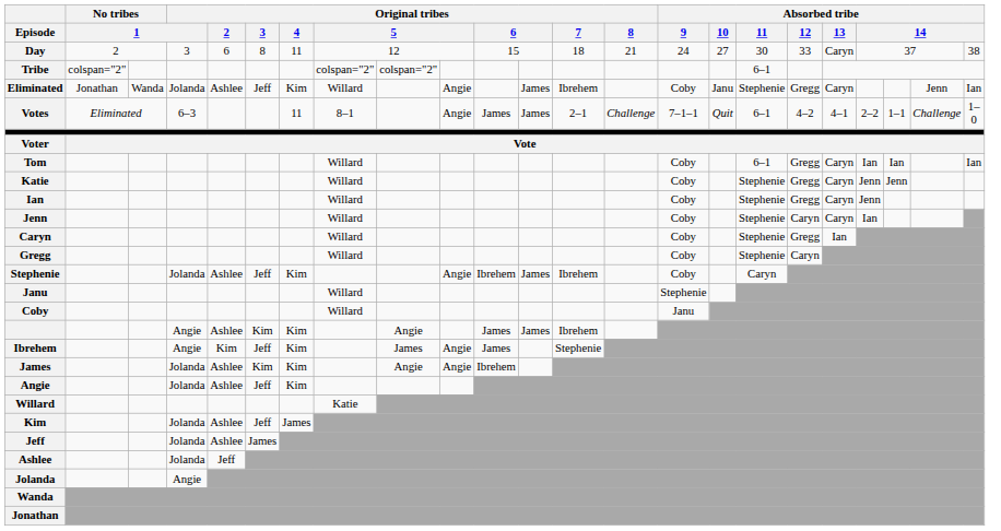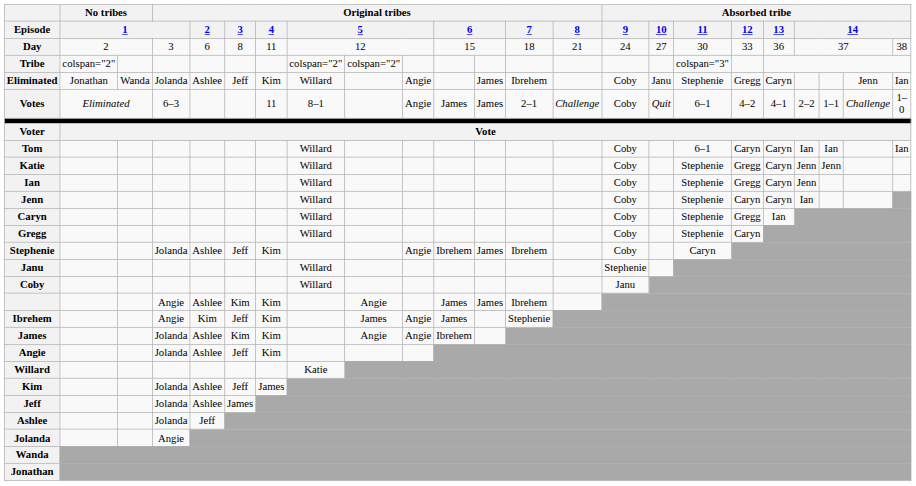 <table class="wikitable" style="text-align:center">
 <tr>
 <th></th>
 <th colspan="2">No tribes</th>
 <th colspan="11">Original tribes</th>
 <th colspan="9">Absorbed tribe</th>
 </tr>
 <tr>
 <th>Episode</th>
 <th colspan="3"><a href='#'>1</a></th>
 <th><a href='#'>2</a></th>
 <th><a href='#'>3</a></th>
 <th><a href='#'>4</a></th>
 <th colspan="3"><a href='#'>5</a></th>
 <th colspan="2"><a href='#'>6</a></th>
 <th><a href='#'>7</a></th>
 <th><a href='#'>8</a></th>
 <th><a href='#'>9</a></th>
 <th><a href='#'>10</a></th>
 <th><a href='#'>11</a></th>
 <th><a href='#'>12</a></th>
 <th><a href='#'>13</a></th>
 <th colspan="4"><a href='#'>14</a></th>
 </tr>
 <tr>
 <th>Day</th>
 <td colspan="2">2</td>
 <td>3</td>
 <td>6</td>
 <td>8</td>
 <td>11</td>
 <td colspan="3">12</td>
 <td colspan="2">15</td>
 <td>18</td>
 <td>21</td>
 <td>24</td>
 <td>27</td>
 <td>30</td>
 <td>33</td>
-<td>Caryn</td>
+<td>36</td>
 <td colspan="3">37</td>
 <td>38</td>
 </tr>
 <tr>
 <th>Tribe</th>
 <td>colspan="2" </td>
 <td></td>
 <td></td>
 <td></td>
 <td></td>
 <td></td>
 <td>colspan="2" </td>
 <td>colspan="2" </td>
 <td></td>
 <td></td>
 <td></td>
 <td></td>
 <td></td>
 <td></td>
 <td></td>
-<td>6–1</td>
+<td>colspan="3" </td>
 <td></td>
 </tr>
 <tr>
 <th>Eliminated</th>
 <td>Jonathan</td>
 <td>Wanda</td>
 <td>Jolanda</td>
 <td>Ashlee</td>
 <td>Jeff</td>
 <td>Kim</td>
 <td>Willard</td>
 <td></td>
 <td>Angie</td>
 <td></td>
 <td>James</td>
 <td>Ibrehem</td>
 <td></td>
 <td>Coby</td>
 <td>Janu</td>
 <td>Stephenie</td>
 <td>Gregg</td>
 <td>Caryn</td>
 <td></td>
 <td></td>
 <td>Jenn</td>
 <td>Ian</td>
 </tr>
 <tr>
 <th>Votes</th>
 <td colspan="2"><em>Eliminated</em></td>
 <td>6–3</td>
 <td></td>
 <td></td>
 <td>11</td>
 <td>8–1</td>
 <td></td>
 <td>Angie</td>
 <td>James</td>
 <td>James</td>
 <td>2–1</td>
 <td><em>Challenge</em></td>
-<td>7–1–1</td>
+<td>Coby</td>
 <td><em>Quit</em></td>
 <td>6–1</td>
 <td>4–2</td>
 <td>4–1</td>
 <td>2–2</td>
 <td>1–1</td>
 <td><em>Challenge</em></td>
 <td>1–0</td>
 </tr>
 <tr>
 <td colspan="25" bgcolor="black"></td>
 </tr>
 <tr>
 <th>Voter</th>
 <th colspan="23">Vote</th>
 </tr>
 <tr>
 <th>Tom</th>
 <td></td>
 <td></td>
 <td></td>
 <td></td>
 <td></td>
 <td></td>
 <td>Willard</td>
 <td></td>
 <td></td>
 <td></td>
 <td></td>
 <td></td>
 <td></td>
 <td>Coby</td>
 <td></td>
 <td>6–1</td>
-<td>Gregg</td>
+<td>Caryn</td>
 <td>Caryn</td>
 <td>Ian</td>
 <td>Ian</td>
 <td></td>
 <td>Ian</td>
 </tr>
 <tr>
 <th>Katie</th>
 <td></td>
 <td></td>
 <td></td>
 <td></td>
 <td></td>
 <td></td>
 <td>Willard</td>
 <td></td>
 <td></td>
 <td></td>
 <td></td>
 <td></td>
 <td></td>
 <td>Coby</td>
 <td></td>
 <td>Stephenie</td>
 <td>Gregg</td>
 <td>Caryn</td>
 <td>Jenn</td>
 <td>Jenn</td>
 <td></td>
 <td></td>
 </tr>
 <tr>
 <th>Ian</th>
 <td></td>
 <td></td>
 <td></td>
 <td></td>
 <td></td>
 <td></td>
 <td>Willard</td>
 <td></td>
 <td></td>
 <td></td>
 <td></td>
 <td></td>
 <td></td>
 <td>Coby</td>
 <td></td>
 <td>Stephenie</td>
 <td>Gregg</td>
 <td>Caryn</td>
 <td>Jenn</td>
 <td></td>
 <td></td>
 <td></td>
 </tr>
 <tr>
 <th>Jenn</th>
 <td></td>
 <td></td>
 <td></td>
 <td></td>
 <td></td>
 <td></td>
 <td>Willard</td>
 <td></td>
 <td></td>
 <td></td>
 <td></td>
 <td></td>
 <td></td>
 <td>Coby</td>
 <td></td>
 <td>Stephenie</td>
 <td>Caryn</td>
 <td>Caryn</td>
 <td>Ian</td>
 <td></td>
 <td></td>
 <td style="background:darkgrey;"></td>
 </tr>
 <tr>
 <th>Caryn</th>
 <td></td>
 <td></td>
 <td></td>
 <td></td>
 <td></td>
 <td></td>
 <td>Willard</td>
 <td></td>
 <td></td>
 <td></td>
 <td></td>
 <td></td>
 <td></td>
 <td>Coby</td>
 <td></td>
 <td>Stephenie</td>
 <td>Gregg</td>
 <td>Ian</td>
 <td colspan="4" style="background:darkgrey;"></td>
 </tr>
 <tr>
 <th>Gregg</th>
 <td></td>
 <td></td>
 <td></td>
 <td></td>
 <td></td>
 <td></td>
 <td>Willard</td>
 <td></td>
 <td></td>
 <td></td>
 <td></td>
 <td></td>
 <td></td>
 <td>Coby</td>
 <td></td>
 <td>Stephenie</td>
 <td>Caryn</td>
 <td colspan="5" style="background:darkgrey;"></td>
 </tr>
 <tr>
 <th>Stephenie</th>
 <td></td>
 <td></td>
 <td>Jolanda</td>
 <td>Ashlee</td>
 <td>Jeff</td>
 <td>Kim</td>
 <td></td>
 <td></td>
 <td>Angie</td>
 <td>Ibrehem</td>
 <td>James</td>
 <td>Ibrehem</td>
 <td></td>
 <td>Coby</td>
 <td></td>
 <td>Caryn</td>
 <td colspan="6" style="background:darkgrey;"></td>
 </tr>
 <tr>
 <th>Janu</th>
 <td></td>
 <td></td>
 <td></td>
 <td></td>
 <td></td>
 <td></td>
 <td>Willard</td>
 <td></td>
 <td></td>
 <td></td>
 <td></td>
 <td></td>
 <td></td>
 <td>Stephenie</td>
 <td></td>
 <td colspan="7" style="background:darkgrey;"></td>
 </tr>
 <tr>
 <th>Coby</th>
 <td></td>
 <td></td>
 <td></td>
 <td></td>
 <td></td>
 <td></td>
 <td>Willard</td>
 <td></td>
 <td></td>
 <td></td>
 <td></td>
 <td></td>
 <td></td>
 <td>Janu</td>
 <td colspan="8" style="background:darkgrey;"></td>
 </tr>
 <tr>
 <th></th>
 <td></td>
 <td></td>
 <td>Angie</td>
 <td>Ashlee</td>
 <td>Kim</td>
 <td>Kim</td>
 <td></td>
 <td>Angie</td>
 <td></td>
 <td>James</td>
 <td>James</td>
 <td>Ibrehem</td>
 <td></td>
 <td colspan="9" style="background:darkgrey;"></td>
 </tr>
 <tr>
 <th>Ibrehem</th>
 <td></td>
 <td></td>
 <td>Angie</td>
 <td>Kim</td>
 <td>Jeff</td>
 <td>Kim</td>
 <td></td>
 <td>James</td>
 <td>Angie</td>
 <td>James</td>
 <td></td>
 <td>Stephenie</td>
 <td colspan="10" style="background:darkgrey;"></td>
 </tr>
 <tr>
 <th>James</th>
 <td></td>
 <td></td>
 <td>Jolanda</td>
 <td>Ashlee</td>
 <td>Kim</td>
 <td>Kim</td>
 <td></td>
 <td>Angie</td>
 <td>Angie</td>
 <td>Ibrehem</td>
 <td></td>
 <td colspan="11" style="background:darkgrey;"></td>
 </tr>
 <tr>
 <th>Angie</th>
 <td></td>
 <td></td>
 <td>Jolanda</td>
 <td>Ashlee</td>
 <td>Jeff</td>
 <td>Kim</td>
 <td></td>
 <td></td>
 <td></td>
 <td colspan="13" style="background:darkgrey;"></td>
 </tr>
 <tr>
 <th>Willard</th>
 <td></td>
 <td></td>
 <td></td>
 <td></td>
 <td></td>
 <td></td>
 <td>Katie</td>
 <td colspan="15" style="background:darkgrey;"></td>
 </tr>
 <tr>
 <th>Kim</th>
 <td></td>
 <td></td>
 <td>Jolanda</td>
 <td>Ashlee</td>
 <td>Jeff</td>
 <td>James</td>
 <td colspan="16" style="background:darkgrey;"></td>
 </tr>
 <tr>
 <th>Jeff</th>
 <td></td>
 <td></td>
 <td>Jolanda</td>
 <td>Ashlee</td>
 <td>James</td>
 <td colspan="17" style="background:darkgrey;"></td>
 </tr>
 <tr>
 <th>Ashlee</th>
 <td></td>
 <td></td>
 <td>Jolanda</td>
 <td>Jeff</td>
 <td colspan="18" style="background:darkgrey;"></td>
 </tr>
 <tr>
 <th>Jolanda</th>
 <td></td>
 <td></td>
 <td>Angie</td>
 <td colspan="19" style="background:darkgrey;"></td>
 </tr>
 <tr>
 <th>Wanda</th>
 <td colspan="22" style="background:darkgrey;"></td>
 </tr>
 <tr>
 <th>Jonathan</th>
 <td colspan="22" style="background:darkgrey;"></td>
 </tr>
 </table>
